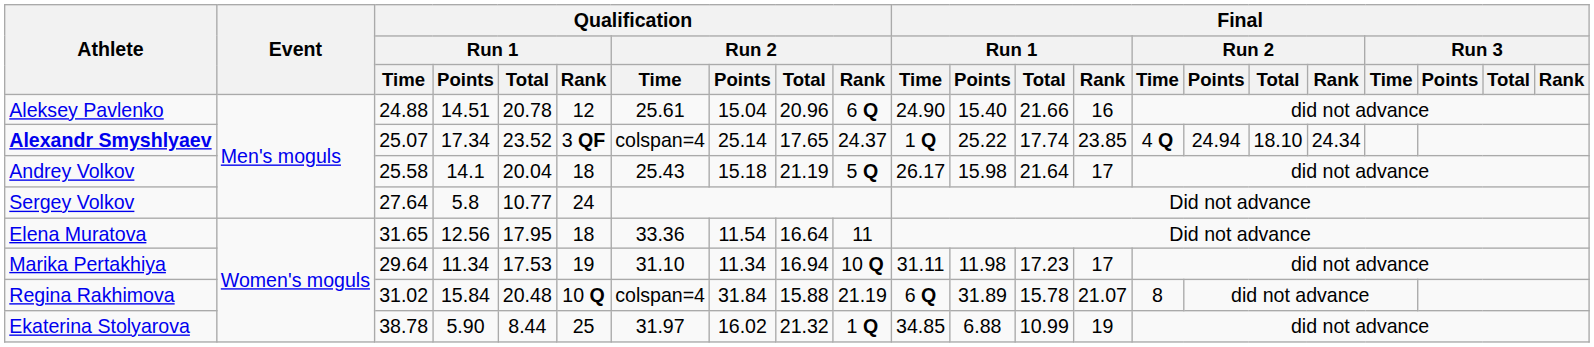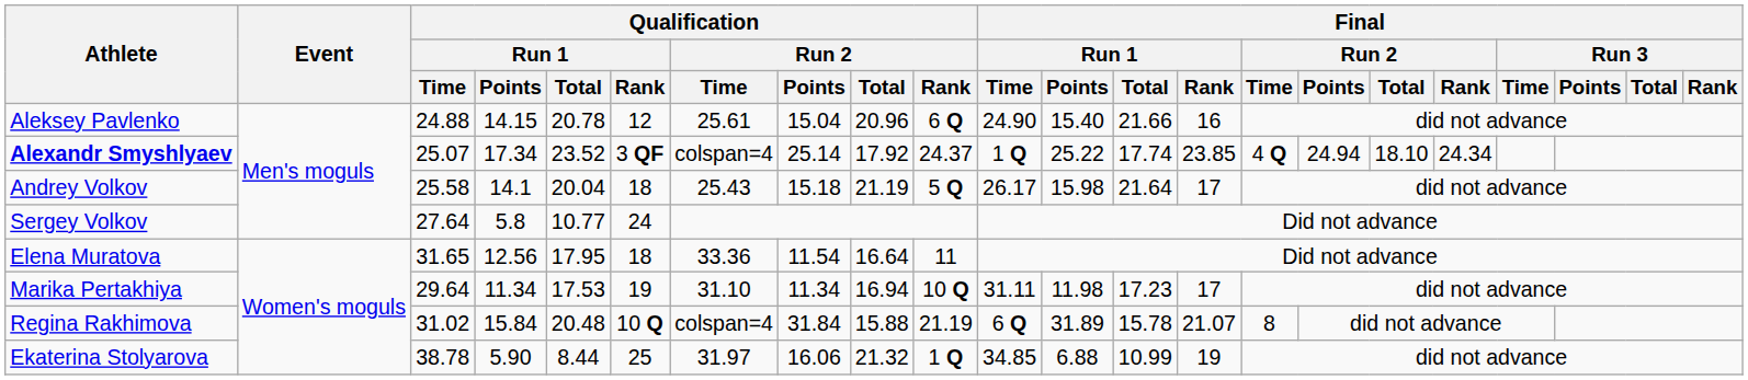 <table class="wikitable" style="font-size:90%">
 <tr>
 <th rowspan=3>Athlete</th>
 <th rowspan=3>Event</th>
 <th colspan=8>Qualification</th>
 <th colspan=12>Final</th>
 </tr>
 <tr style="font-size:95%">
 <th colspan=4>Run 1</th>
 <th colspan=4>Run 2</th>
 <th colspan=4>Run 1</th>
 <th colspan=4>Run 2</th>
 <th colspan=4>Run 3</th>
 </tr>
 <tr style="font-size:95%">
 <th>Time</th>
 <th>Points</th>
 <th>Total</th>
 <th>Rank</th>
 <th>Time</th>
 <th>Points</th>
 <th>Total</th>
 <th>Rank</th>
 <th>Time</th>
 <th>Points</th>
 <th>Total</th>
 <th>Rank</th>
 <th>Time</th>
 <th>Points</th>
 <th>Total</th>
 <th>Rank</th>
 <th>Time</th>
 <th>Points</th>
 <th>Total</th>
 <th>Rank</th>
 </tr>
 <tr align=center>
 <td align=left><a href='#'>Aleksey Pavlenko</a></td>
 <td align=left rowspan=4><a href='#'>Men's moguls</a></td>
 <td>24.88</td>
-<td>14.51</td>
+<td>14.15</td>
 <td>20.78</td>
 <td>12</td>
 <td>25.61</td>
 <td>15.04</td>
 <td>20.96</td>
 <td>6 <strong>Q</strong></td>
 <td>24.90</td>
 <td>15.40</td>
 <td>21.66</td>
 <td>16</td>
 <td colspan=8>did not advance</td>
 </tr>
 <tr align=center>
 <td align=left><strong><a href='#'>Alexandr Smyshlyaev</a></strong></td>
 <td>25.07</td>
 <td>17.34</td>
 <td>23.52</td>
 <td>3 <strong>QF</strong></td>
 <td>colspan=4 </td>
 <td>25.14</td>
-<td>17.65</td>
+<td>17.92</td>
 <td>24.37</td>
 <td>1 <strong>Q</strong></td>
 <td>25.22</td>
 <td>17.74</td>
 <td>23.85</td>
 <td>4 <strong>Q</strong></td>
 <td>24.94</td>
 <td>18.10</td>
 <td>24.34</td>
 <td></td>
 </tr>
 <tr align=center>
 <td align=left><a href='#'>Andrey Volkov</a></td>
 <td>25.58</td>
 <td>14.1</td>
 <td>20.04</td>
 <td>18</td>
 <td>25.43</td>
 <td>15.18</td>
 <td>21.19</td>
 <td>5 <strong>Q</strong></td>
 <td>26.17</td>
 <td>15.98</td>
 <td>21.64</td>
 <td>17</td>
 <td colspan=8>did not advance</td>
 </tr>
 <tr align=center>
 <td align=left><a href='#'>Sergey Volkov</a></td>
 <td>27.64</td>
 <td>5.8</td>
 <td>10.77</td>
 <td>24</td>
 <td colspan=4></td>
 <td colspan=12>Did not advance</td>
 </tr>
 <tr align=center>
 <td align=left><a href='#'>Elena Muratova</a></td>
 <td align=left rowspan=4><a href='#'>Women's moguls</a></td>
 <td>31.65</td>
 <td>12.56</td>
 <td>17.95</td>
 <td>18</td>
 <td>33.36</td>
 <td>11.54</td>
 <td>16.64</td>
 <td>11</td>
 <td colspan=12>Did not advance</td>
 </tr>
 <tr align=center>
 <td align=left><a href='#'>Marika Pertakhiya</a></td>
 <td>29.64</td>
 <td>11.34</td>
 <td>17.53</td>
 <td>19</td>
 <td>31.10</td>
 <td>11.34</td>
 <td>16.94</td>
 <td>10 <strong>Q</strong></td>
 <td>31.11</td>
 <td>11.98</td>
 <td>17.23</td>
 <td>17</td>
 <td colspan=8>did not advance</td>
 </tr>
 <tr align=center>
 <td align=left><a href='#'>Regina Rakhimova</a></td>
 <td>31.02</td>
 <td>15.84</td>
 <td>20.48</td>
 <td>10 <strong>Q</strong></td>
 <td>colspan=4 </td>
 <td>31.84</td>
 <td>15.88</td>
 <td>21.19</td>
 <td>6 <strong>Q</strong></td>
 <td>31.89</td>
 <td>15.78</td>
 <td>21.07</td>
 <td>8</td>
 <td colspan=4>did not advance</td>
 </tr>
 <tr align=center>
 <td align=left><a href='#'>Ekaterina Stolyarova</a></td>
 <td>38.78</td>
 <td>5.90</td>
 <td>8.44</td>
 <td>25</td>
 <td>31.97</td>
-<td>16.02</td>
+<td>16.06</td>
 <td>21.32</td>
 <td>1 <strong>Q</strong></td>
 <td>34.85</td>
 <td>6.88</td>
 <td>10.99</td>
 <td>19</td>
 <td colspan=8>did not advance</td>
 </tr>
 </table>
